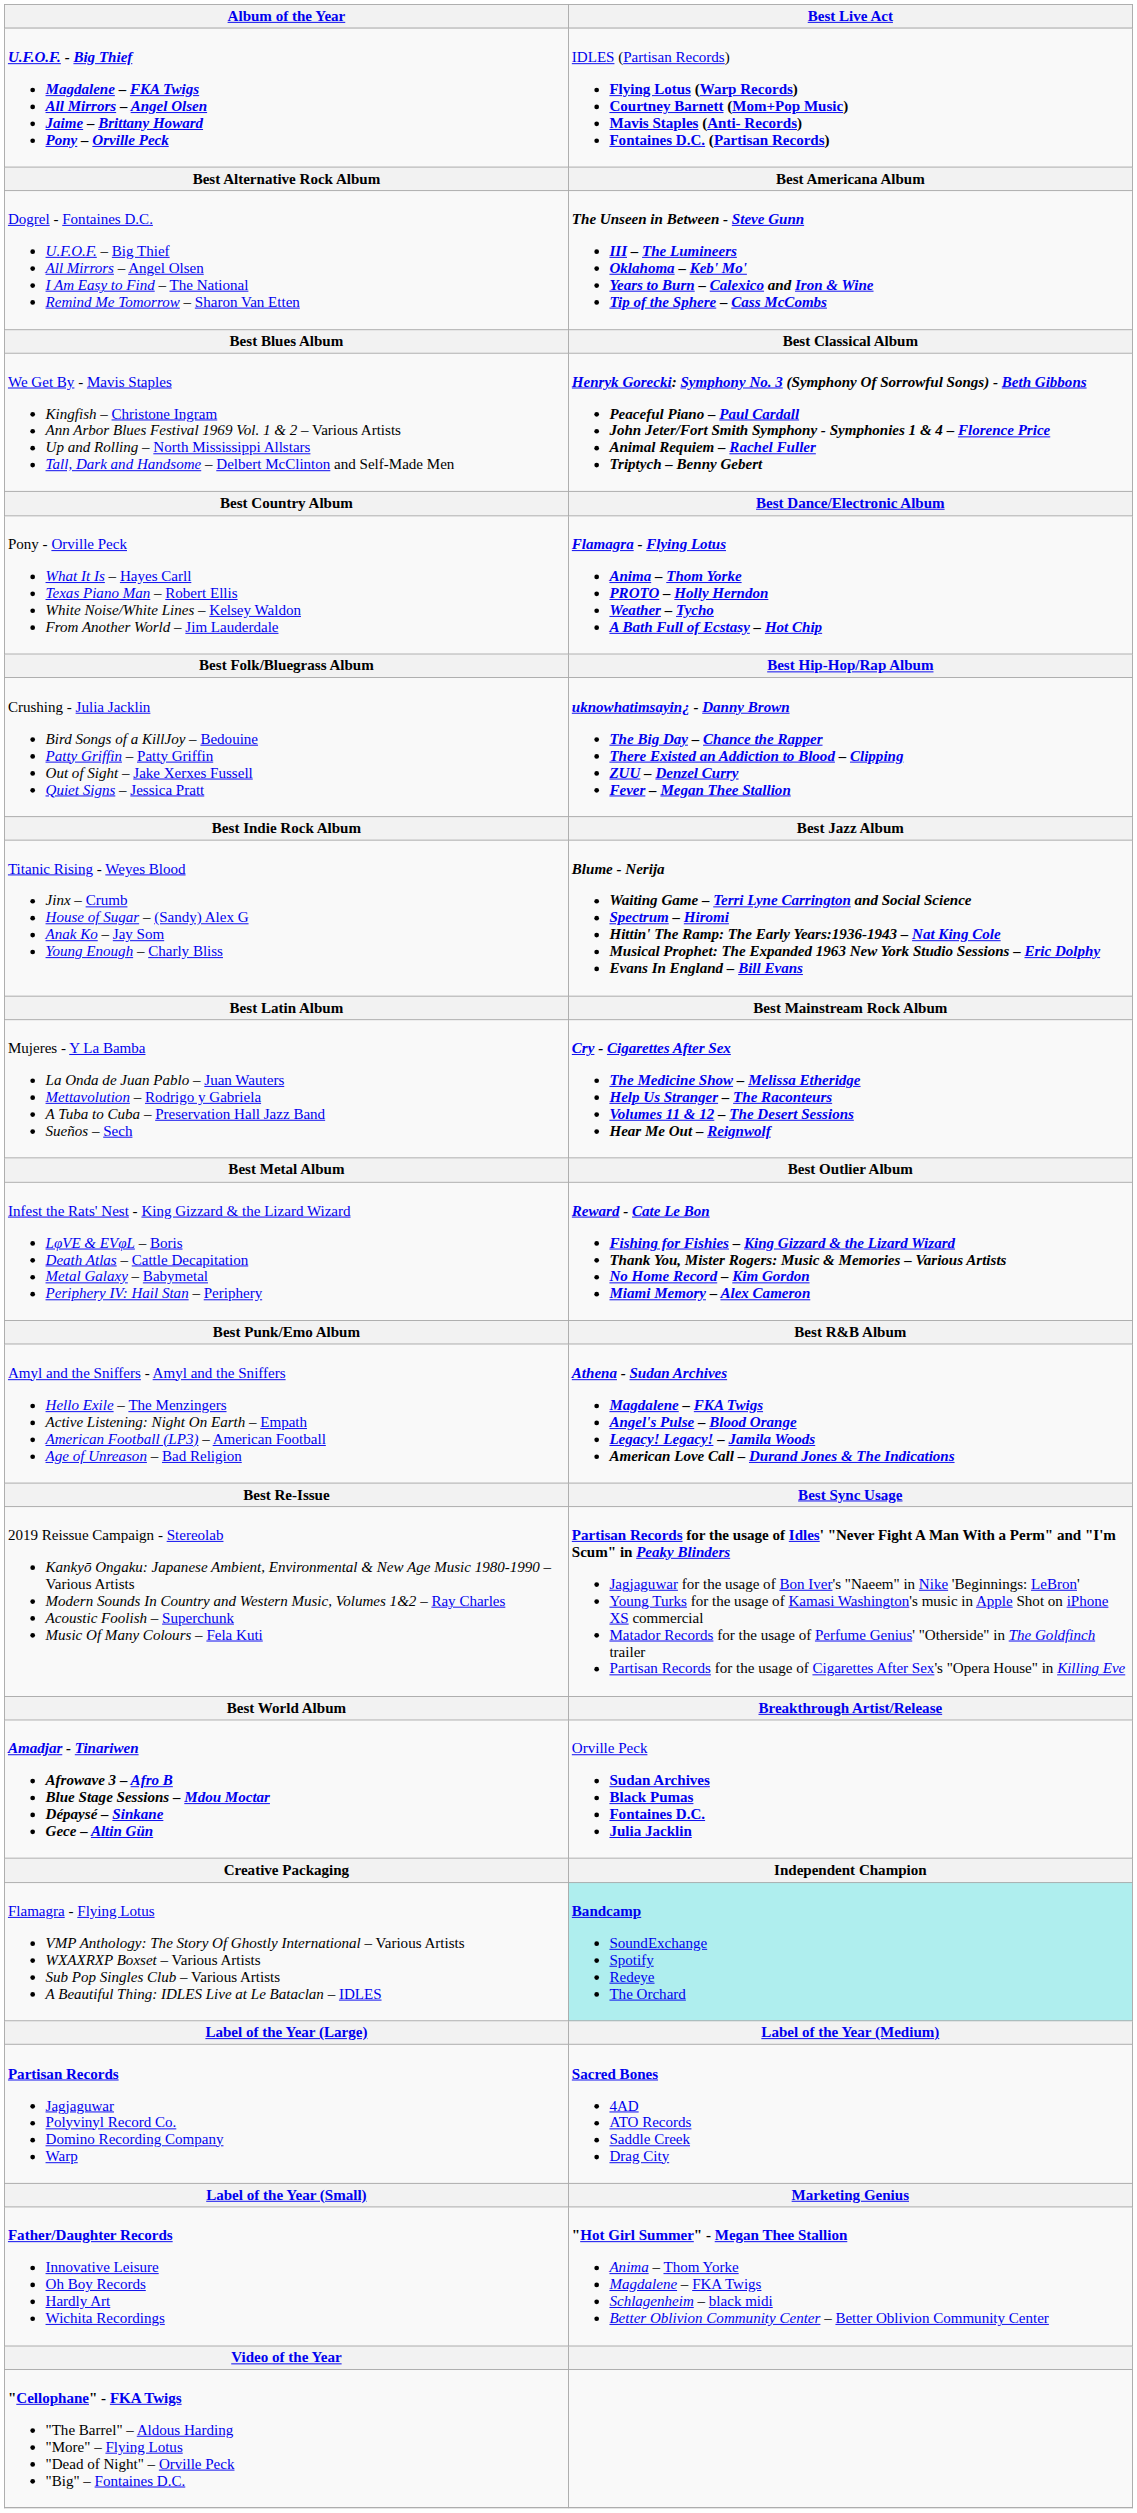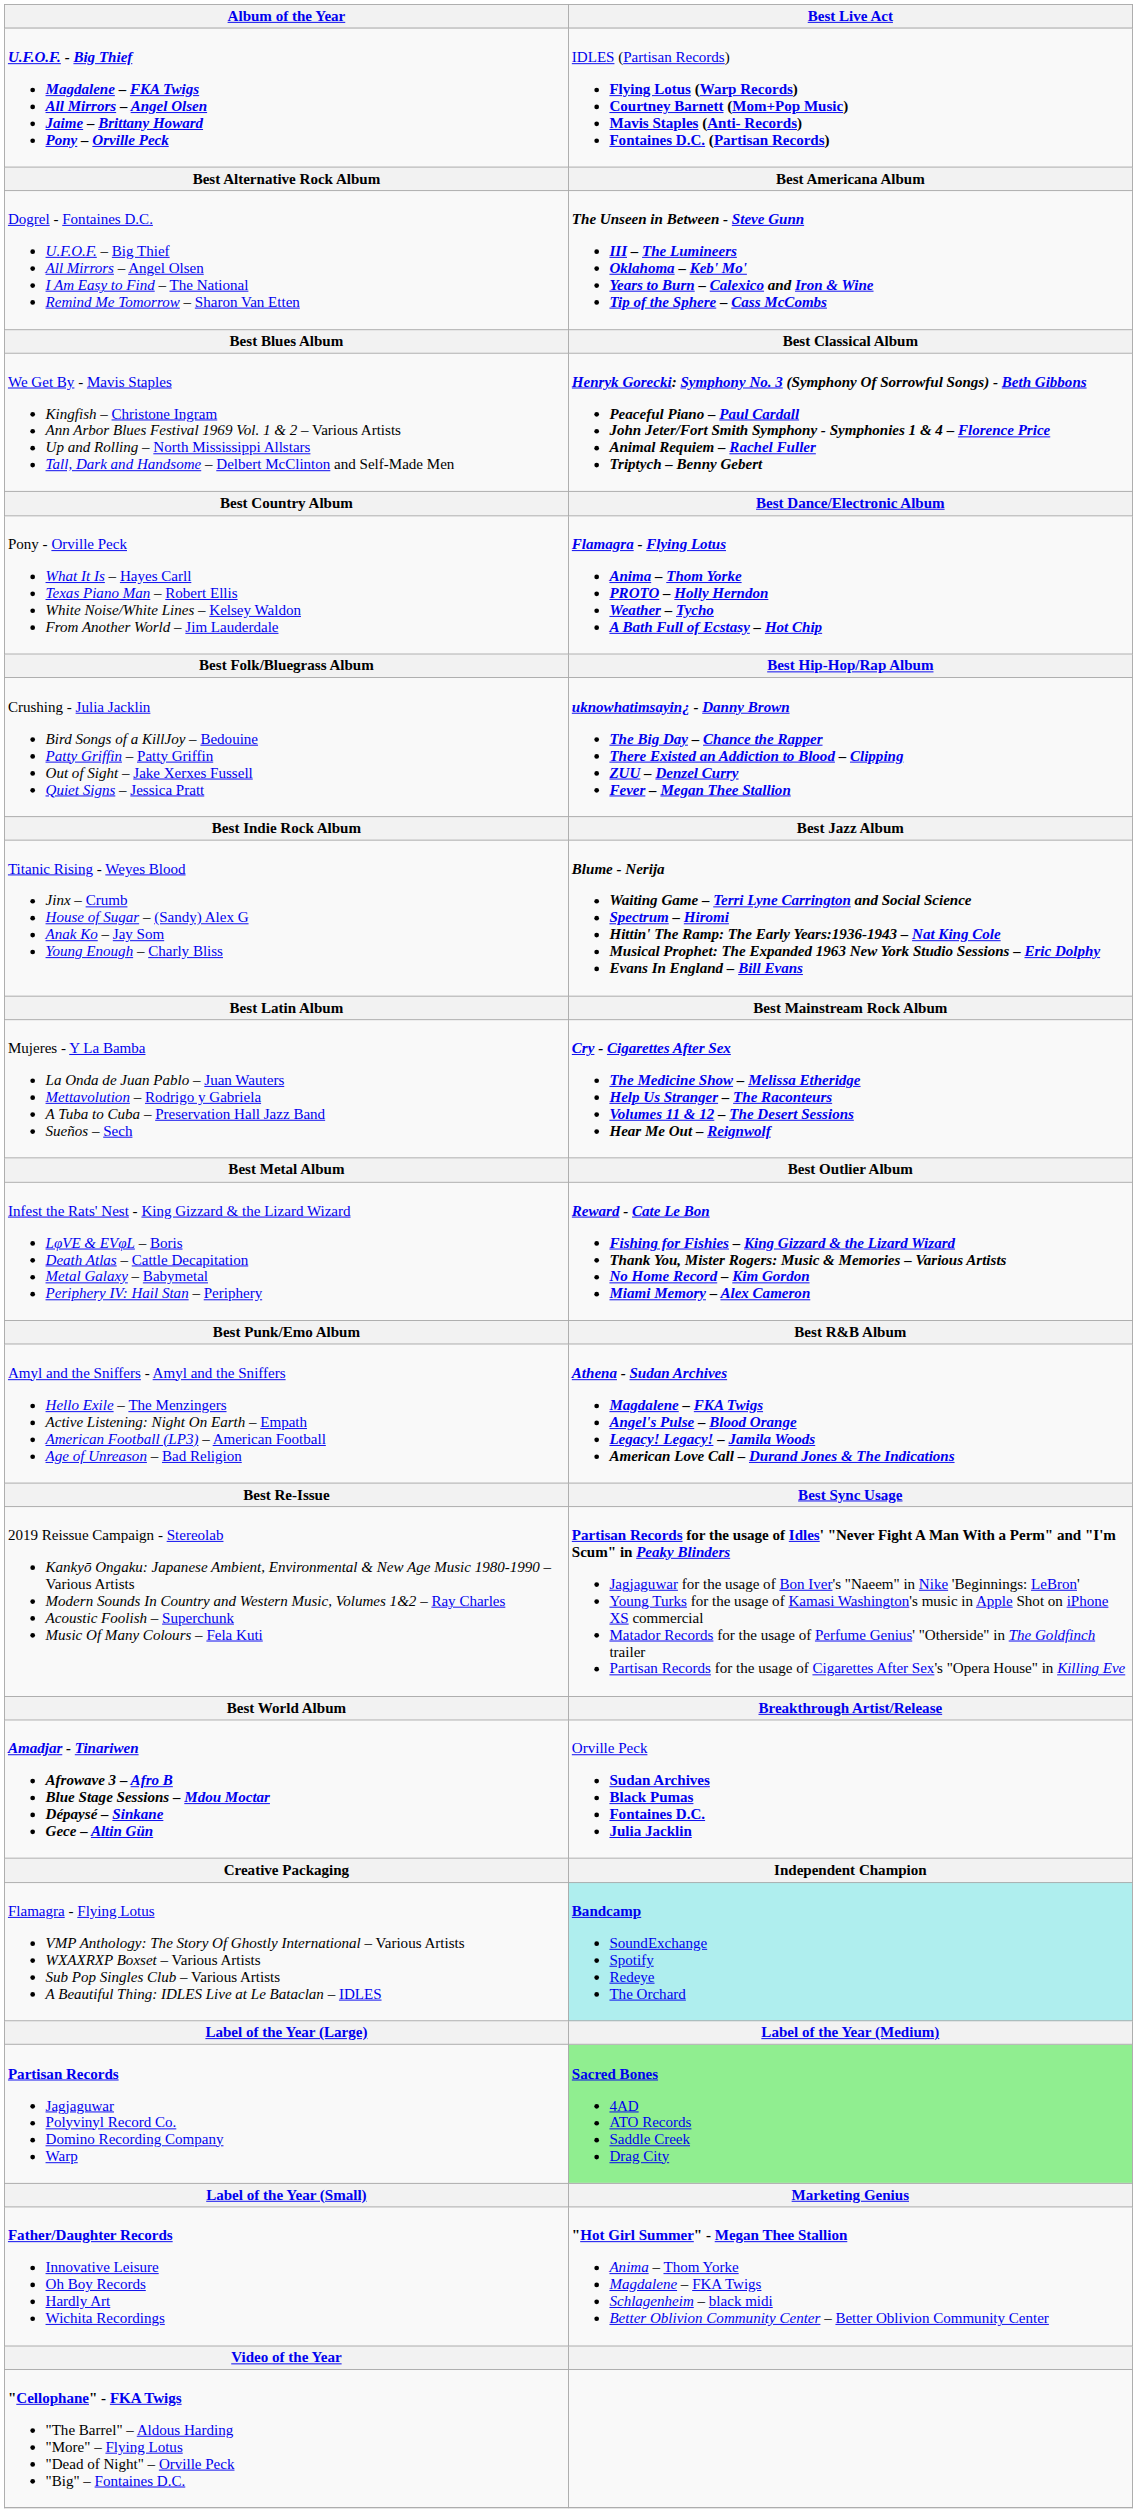 <table class="wikitable" style="width:95%">
 <tr bgcolor="#bebebe">
 <th width="50%"><a href='#'>Album of the Year</a></th>
 <th width="50%"><a href='#'>Best Live Act</a></th>
 </tr>
 <tr>
 <td valign="top"><br><strong><em><a href='#'>U.F.O.F.</a><em> - <a href='#'>Big Thief</a><strong><ul><li></em><a href='#'>Magdalene</a><em> – <a href='#'>FKA Twigs</a></li><li></em><a href='#'>All Mirrors</a><em> – <a href='#'>Angel Olsen</a></li><li></em><a href='#'>Jaime</a><em> – <a href='#'>Brittany Howard</a></li><li></em><a href='#'>Pony</a><em> – <a href='#'>Orville Peck</a></li></ul></td>
 <td valign="top"><br></strong><a href='#'>IDLES</a> (<a href='#'>Partisan Records</a>)<strong><ul><li><a href='#'>Flying Lotus</a> (<a href='#'>Warp Records</a>)</li><li><a href='#'>Courtney Barnett</a> (<a href='#'>Mom+Pop Music</a>)</li><li><a href='#'>Mavis Staples</a> (<a href='#'>Anti- Records</a>)</li><li><a href='#'>Fontaines D.C.</a> (<a href='#'>Partisan Records</a>)</li></ul></td>
 </tr>
 <tr>
 <th width="50%">Best Alternative Rock Album</th>
 <th width="50%">Best Americana Album</th>
 </tr>
 <tr>
 <td valign="top"><br></em></strong><a href='#'>Dogrel</a></em> - <a href='#'>Fontaines D.C.</a></strong><ul><li><em><a href='#'>U.F.O.F.</a></em> – <a href='#'>Big Thief</a></li><li><em><a href='#'>All Mirrors</a></em> – <a href='#'>Angel Olsen</a></li><li><em><a href='#'>I Am Easy to Find</a></em> – <a href='#'>The National</a></li><li><em><a href='#'>Remind Me Tomorrow</a></em> – <a href='#'>Sharon Van Etten</a></li></ul></td>
 <td valign="top"><br><strong><em>The Unseen in Between<em> - <a href='#'>Steve Gunn</a><strong><ul><li></em><a href='#'>III</a><em> – <a href='#'>The Lumineers</a></li><li></em><a href='#'>Oklahoma</a><em> – <a href='#'>Keb' Mo'</a></li><li></em><a href='#'>Years to Burn</a><em> – <a href='#'>Calexico</a> and <a href='#'>Iron & Wine</a></li><li></em><a href='#'>Tip of the Sphere</a><em> – <a href='#'>Cass McCombs</a></li></ul></td>
 </tr>
 <tr>
 <th width="50%">Best Blues Album</th>
 <th width="50%">Best Classical Album</th>
 </tr>
 <tr>
 <td valign="top"><br></em></strong><a href='#'>We Get By</a></em> - <a href='#'>Mavis Staples</a></strong><ul><li><em>Kingfish</em> – <a href='#'>Christone Ingram</a></li><li><em>Ann Arbor Blues Festival 1969 Vol. 1 & 2</em> – Various Artists</li><li><em>Up and Rolling</em> – <a href='#'>North Mississippi Allstars</a></li><li><em><a href='#'>Tall, Dark and Handsome</a></em> – <a href='#'>Delbert McClinton</a> and Self-Made Men</li></ul></td>
 <td valign="top"><br><strong><em><a href='#'>Henryk Gorecki</a>: <a href='#'>Symphony No. 3</a> (Symphony Of Sorrowful Songs)<em> - <a href='#'>Beth Gibbons</a><strong><ul><li></em>Peaceful Piano<em> – <a href='#'>Paul Cardall</a></li><li></em>John Jeter/Fort Smith Symphony - Symphonies 1 & 4<em> – <a href='#'>Florence Price</a></li><li></em>Animal Requiem<em> – <a href='#'>Rachel Fuller</a></li><li></em>Triptych<em> – Benny Gebert</li></ul></td>
 </tr>
 <tr>
 <th width="50%">Best Country Album</th>
 <th width="50%"><a href='#'>Best Dance/Electronic Album</a></th>
 </tr>
 <tr>
 <td valign="top"><br></em></strong>Pony</em> - <a href='#'>Orville Peck</a></strong><ul><li><em><a href='#'>What It Is</a></em> – <a href='#'>Hayes Carll</a></li><li><em><a href='#'>Texas Piano Man</a></em> – <a href='#'>Robert Ellis</a></li><li><em>White Noise/White Lines</em> – <a href='#'>Kelsey Waldon</a></li><li><em>From Another World</em> – <a href='#'>Jim Lauderdale</a></li></ul></td>
 <td valign="top"><br><strong><em><a href='#'>Flamagra</a><em> - <a href='#'>Flying Lotus</a><strong><ul><li></em><a href='#'>Anima</a><em> – <a href='#'>Thom Yorke</a></li><li></em><a href='#'>PROTO</a><em> – <a href='#'>Holly Herndon</a></li><li></em><a href='#'>Weather</a><em> – <a href='#'>Tycho</a></li><li></em><a href='#'>A Bath Full of Ecstasy</a><em> – <a href='#'>Hot Chip</a></li></ul></td>
 </tr>
 <tr>
 <th width="50%">Best Folk/Bluegrass Album</th>
 <th width="50%"><a href='#'>Best Hip-Hop/Rap Album</a></th>
 </tr>
 <tr>
 <td valign="top"><br></em></strong>Crushing</em> - <a href='#'>Julia Jacklin</a></strong><ul><li><em>Bird Songs of a KillJoy</em> – <a href='#'>Bedouine</a></li><li><em><a href='#'>Patty Griffin</a></em> – <a href='#'>Patty Griffin</a></li><li><em>Out of Sight</em> – <a href='#'>Jake Xerxes Fussell</a></li><li><em><a href='#'>Quiet Signs</a></em> – <a href='#'>Jessica Pratt</a></li></ul></td>
 <td valign="top"><br><strong><em><a href='#'>uknowhatimsayin¿</a><em> - <a href='#'>Danny Brown</a><strong><ul><li></em><a href='#'>The Big Day</a><em> – <a href='#'>Chance the Rapper</a></li><li></em><a href='#'>There Existed an Addiction to Blood</a><em> – <a href='#'>Clipping</a></li><li></em><a href='#'>ZUU</a><em> – <a href='#'>Denzel Curry</a></li><li></em><a href='#'>Fever</a><em> – <a href='#'>Megan Thee Stallion</a></li></ul></td>
 </tr>
 <tr>
 <th width="50%">Best Indie Rock Album</th>
 <th width="50%">Best Jazz Album</th>
 </tr>
 <tr>
 <td valign="top"><br></em></strong><a href='#'>Titanic Rising</a></em> - <a href='#'>Weyes Blood</a></strong><ul><li><em>Jinx</em> – <a href='#'>Crumb</a></li><li><em><a href='#'>House of Sugar</a></em> – <a href='#'>(Sandy) Alex G</a></li><li><em><a href='#'>Anak Ko</a></em> – <a href='#'>Jay Som</a></li><li><em><a href='#'>Young Enough</a></em> – <a href='#'>Charly Bliss</a></li></ul></td>
 <td valign="top"><br><strong><em>Blume<em> - Nerija<strong><ul><li></em>Waiting Game<em> – <a href='#'>Terri Lyne Carrington</a> and Social Science</li><li></em><a href='#'>Spectrum</a><em> – <a href='#'>Hiromi</a></li><li></em>Hittin' The Ramp: The Early Years:1936-1943<em> – <a href='#'>Nat King Cole</a></li><li></em>Musical Prophet: The Expanded 1963 New York Studio Sessions<em> – <a href='#'>Eric Dolphy</a></li><li></em>Evans In England<em> – <a href='#'>Bill Evans</a></li></ul></td>
 </tr>
 <tr>
 <th width="50%">Best Latin Album</th>
 <th width="50%">Best Mainstream Rock Album</th>
 </tr>
 <tr>
 <td valign="top"><br></em></strong>Mujeres</em> - <a href='#'>Y La Bamba</a></strong><ul><li><em>La Onda de Juan Pablo</em> – <a href='#'>Juan Wauters</a></li><li><em><a href='#'>Mettavolution</a></em> – <a href='#'>Rodrigo y Gabriela</a></li><li><em>A Tuba to Cuba</em> – <a href='#'>Preservation Hall Jazz Band</a></li><li><em>Sueños</em> – <a href='#'>Sech</a></li></ul></td>
 <td valign="top"><br><strong><em><a href='#'>Cry</a><em> - <a href='#'>Cigarettes After Sex</a><strong><ul><li></em><a href='#'>The Medicine Show</a><em> – <a href='#'>Melissa Etheridge</a></li><li></em><a href='#'>Help Us Stranger</a><em> – <a href='#'>The Raconteurs</a></li><li></em><a href='#'>Volumes 11 & 12</a><em> – <a href='#'>The Desert Sessions</a></li><li></em>Hear Me Out<em> – <a href='#'>Reignwolf</a></li></ul></td>
 </tr>
 <tr>
 <th width="50%">Best Metal Album</th>
 <th width="50%">Best Outlier Album</th>
 </tr>
 <tr>
 <td valign="top"><br></em></strong><a href='#'>Infest the Rats' Nest</a></em> - <a href='#'>King Gizzard & the Lizard Wizard</a></strong><ul><li><em><a href='#'>LφVE & EVφL</a></em> – <a href='#'>Boris</a></li><li><em><a href='#'>Death Atlas</a></em> – <a href='#'>Cattle Decapitation</a></li><li><em><a href='#'>Metal Galaxy</a></em> – <a href='#'>Babymetal</a></li><li><em><a href='#'>Periphery IV: Hail Stan</a></em> – <a href='#'>Periphery</a></li></ul></td>
 <td valign="top"><br><strong><em><a href='#'>Reward</a><em> - <a href='#'>Cate Le Bon</a><strong><ul><li></em><a href='#'>Fishing for Fishies</a><em> – <a href='#'>King Gizzard & the Lizard Wizard</a></li><li></em>Thank You, Mister Rogers: Music & Memories<em> – Various Artists</li><li></em><a href='#'>No Home Record</a><em> – <a href='#'>Kim Gordon</a></li><li></em><a href='#'>Miami Memory</a><em> – <a href='#'>Alex Cameron</a></li></ul></td>
 </tr>
 <tr>
 <th width="50%">Best Punk/Emo Album</th>
 <th width="50%">Best R&B Album</th>
 </tr>
 <tr>
 <td valign="top"><br></em></strong><a href='#'>Amyl and the Sniffers</a></em> - <a href='#'>Amyl and the Sniffers</a></strong><ul><li><em><a href='#'>Hello Exile</a></em> – <a href='#'>The Menzingers</a></li><li><em>Active Listening: Night On Earth</em> – <a href='#'>Empath</a></li><li><em><a href='#'>American Football (LP3)</a></em> – <a href='#'>American Football</a></li><li><em><a href='#'>Age of Unreason</a></em> – <a href='#'>Bad Religion</a></li></ul></td>
 <td valign="top"><br><strong><em><a href='#'>Athena</a><em> - <a href='#'>Sudan Archives</a><strong><ul><li></em><a href='#'>Magdalene</a><em> – <a href='#'>FKA Twigs</a></li><li></em><a href='#'>Angel's Pulse</a><em> – <a href='#'>Blood Orange</a></li><li></em><a href='#'>Legacy! Legacy!</a><em> – <a href='#'>Jamila Woods</a></li><li></em>American Love Call<em> – <a href='#'>Durand Jones & The Indications</a></li></ul></td>
 </tr>
 <tr>
 <th width="50%">Best Re-Issue</th>
 <th width="50%"><a href='#'>Best Sync Usage</a></th>
 </tr>
 <tr>
 <td valign="top"><br></em></strong>2019 Reissue Campaign</em> - <a href='#'>Stereolab</a></strong><ul><li><em>Kankyō Ongaku: Japanese Ambient, Environmental & New Age Music 1980-1990</em> – Various Artists</li><li><em>Modern Sounds In Country and Western Music, Volumes 1&2</em> – <a href='#'>Ray Charles</a></li><li><em>Acoustic Foolish</em> – <a href='#'>Superchunk</a></li><li><em>Music Of Many Colours</em> – <a href='#'>Fela Kuti</a></li></ul></td>
 <td valign="top"><br><strong><a href='#'>Partisan Records</a> for the usage of <a href='#'>Idles</a>' "Never Fight A Man With a Perm" and "I'm Scum" in <em><a href='#'>Peaky Blinders</a></em> </strong><ul><li><a href='#'>Jagjaguwar</a> for the usage of <a href='#'>Bon Iver</a>'s "Naeem" in <a href='#'>Nike</a> 'Beginnings: <a href='#'>LeBron</a>'</li><li><a href='#'>Young Turks</a> for the usage of <a href='#'>Kamasi Washington</a>'s music in <a href='#'>Apple</a> Shot on <a href='#'>iPhone XS</a> commercial</li><li><a href='#'>Matador Records</a> for the usage of <a href='#'>Perfume Genius</a>' "Otherside" in <em><a href='#'>The Goldfinch</a></em> trailer</li><li><a href='#'>Partisan Records</a> for the usage of <a href='#'>Cigarettes After Sex</a>'s "Opera House" in <em><a href='#'>Killing Eve</a></em></li></ul></td>
 </tr>
 <tr>
 <th width="50%">Best World Album</th>
 <th width="50%"><a href='#'>Breakthrough Artist/Release</a></th>
 </tr>
 <tr>
 <td valign="top"><br><strong><em><a href='#'>Amadjar</a><em> - <a href='#'>Tinariwen</a><strong><ul><li></em>Afrowave 3<em> – <a href='#'>Afro B</a></li><li></em>Blue Stage Sessions<em> – <a href='#'>Mdou Moctar</a></li><li></em>Dépaysé<em> – <a href='#'>Sinkane</a></li><li></em>Gece<em> – <a href='#'>Altin Gün</a></li></ul></td>
 <td valign="top"><br></strong><a href='#'>Orville Peck</a><strong><ul><li><a href='#'>Sudan Archives</a></li><li><a href='#'>Black Pumas</a></li><li><a href='#'>Fontaines D.C.</a></li><li><a href='#'>Julia Jacklin</a></li></ul></td>
 </tr>
 <tr>
 <th width="50%">Creative Packaging</th>
 <th width="50%">Independent Champion</th>
 </tr>
 <tr>
 <td valign="top"><br></em></strong><a href='#'>Flamagra</a></em> - <a href='#'>Flying Lotus</a></strong><ul><li><em>VMP Anthology: The Story Of Ghostly International</em> – Various Artists</li><li><em>WXAXRXP Boxset</em> – Various Artists</li><li><em>Sub Pop Singles Club</em> – Various Artists</li><li><em>A Beautiful Thing: IDLES Live at Le Bataclan</em> – <a href='#'>IDLES</a></li></ul></td>
 <td valign="top" style="background: paleturquoise;"><br><strong><a href='#'>Bandcamp</a></strong><ul><li><a href='#'>SoundExchange</a></li><li><a href='#'>Spotify</a></li><li><a href='#'>Redeye</a></li><li><a href='#'>The Orchard</a></li></ul></td>
 </tr>
 <tr>
 <th width="50%"><a href='#'>Label of the Year (Large)</a></th>
 <th width="50%"><a href='#'>Label of the Year (Medium)</a></th>
 </tr>
 <tr>
 <td valign="top"><br><strong><a href='#'>Partisan Records</a></strong><ul><li><a href='#'>Jagjaguwar</a></li><li><a href='#'>Polyvinyl Record Co.</a></li><li><a href='#'>Domino Recording Company</a></li><li><a href='#'>Warp</a></li></ul></td>
-<td valign="top"><br><strong><a href='#'>Sacred Bones</a></strong><ul><li><a href='#'>4AD</a></li><li><a href='#'>ATO Records</a></li><li><a href='#'>Saddle Creek</a></li><li><a href='#'>Drag City</a></li></ul></td>
+<td valign="top" style="background: lightgreen;"><br><strong><a href='#'>Sacred Bones</a></strong><ul><li><a href='#'>4AD</a></li><li><a href='#'>ATO Records</a></li><li><a href='#'>Saddle Creek</a></li><li><a href='#'>Drag City</a></li></ul></td>
 </tr>
 <tr>
 <th width="50%"><a href='#'>Label of the Year (Small)</a></th>
 <th width="50%"><a href='#'>Marketing Genius</a></th>
 </tr>
 <tr>
 <td valign="top"><br><strong><a href='#'>Father/Daughter Records</a></strong><ul><li><a href='#'>Innovative Leisure</a></li><li><a href='#'>Oh Boy Records</a></li><li><a href='#'>Hardly Art</a></li><li><a href='#'>Wichita Recordings</a></li></ul></td>
 <td valign="top"><br><strong>"<a href='#'>Hot Girl Summer</a>" - <a href='#'>Megan Thee Stallion</a></strong><ul><li><em><a href='#'>Anima</a></em> – <a href='#'>Thom Yorke</a></li><li><em><a href='#'>Magdalene</a></em> – <a href='#'>FKA Twigs</a></li><li><em><a href='#'>Schlagenheim</a></em> – <a href='#'>black midi</a></li><li><em><a href='#'>Better Oblivion Community Center</a></em> – <a href='#'>Better Oblivion Community Center</a></li></ul></td>
 </tr>
 <tr>
 <th width="50%"><a href='#'>Video of the Year</a></th>
 <th width="50%"></th>
 </tr>
 <tr>
 <td valign="top"><br><strong>"<a href='#'>Cellophane</a>" - <a href='#'>FKA Twigs</a></strong><ul><li>"The Barrel" – <a href='#'>Aldous Harding</a></li><li>"More" – <a href='#'>Flying Lotus</a></li><li>"Dead of Night" – <a href='#'>Orville Peck</a></li><li>"Big" – <a href='#'>Fontaines D.C.</a></li></ul></td>
 <td valign="top"></td>
 </tr>
 <tr>
 </tr>
 </table>
